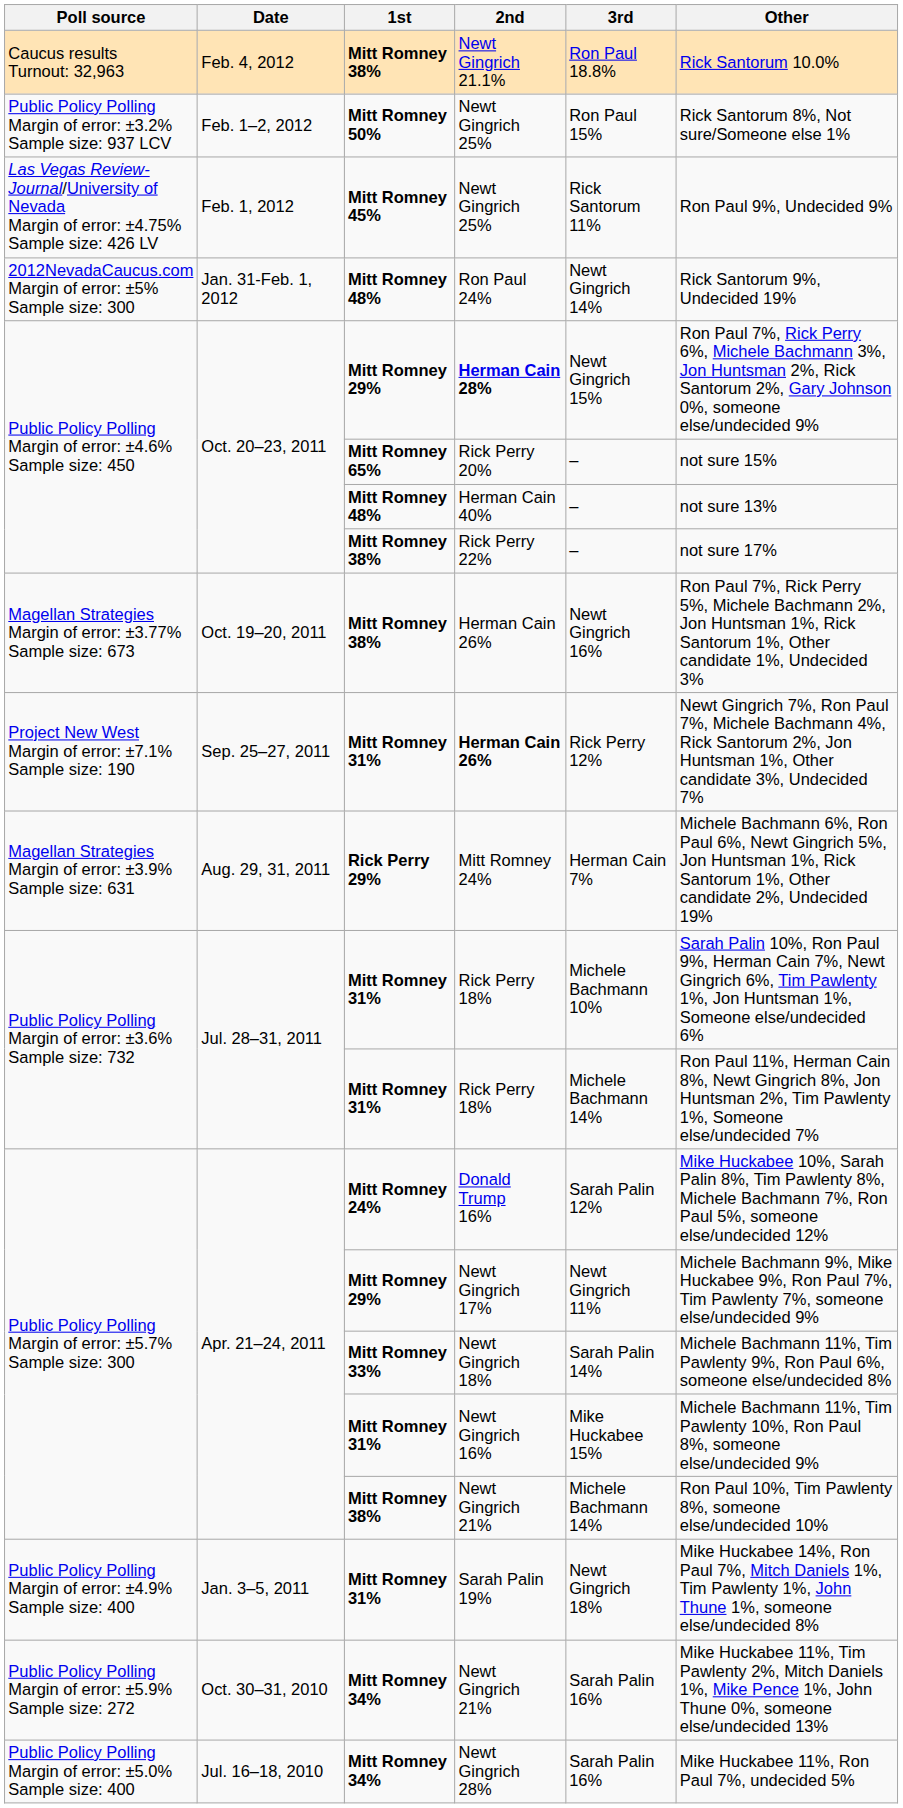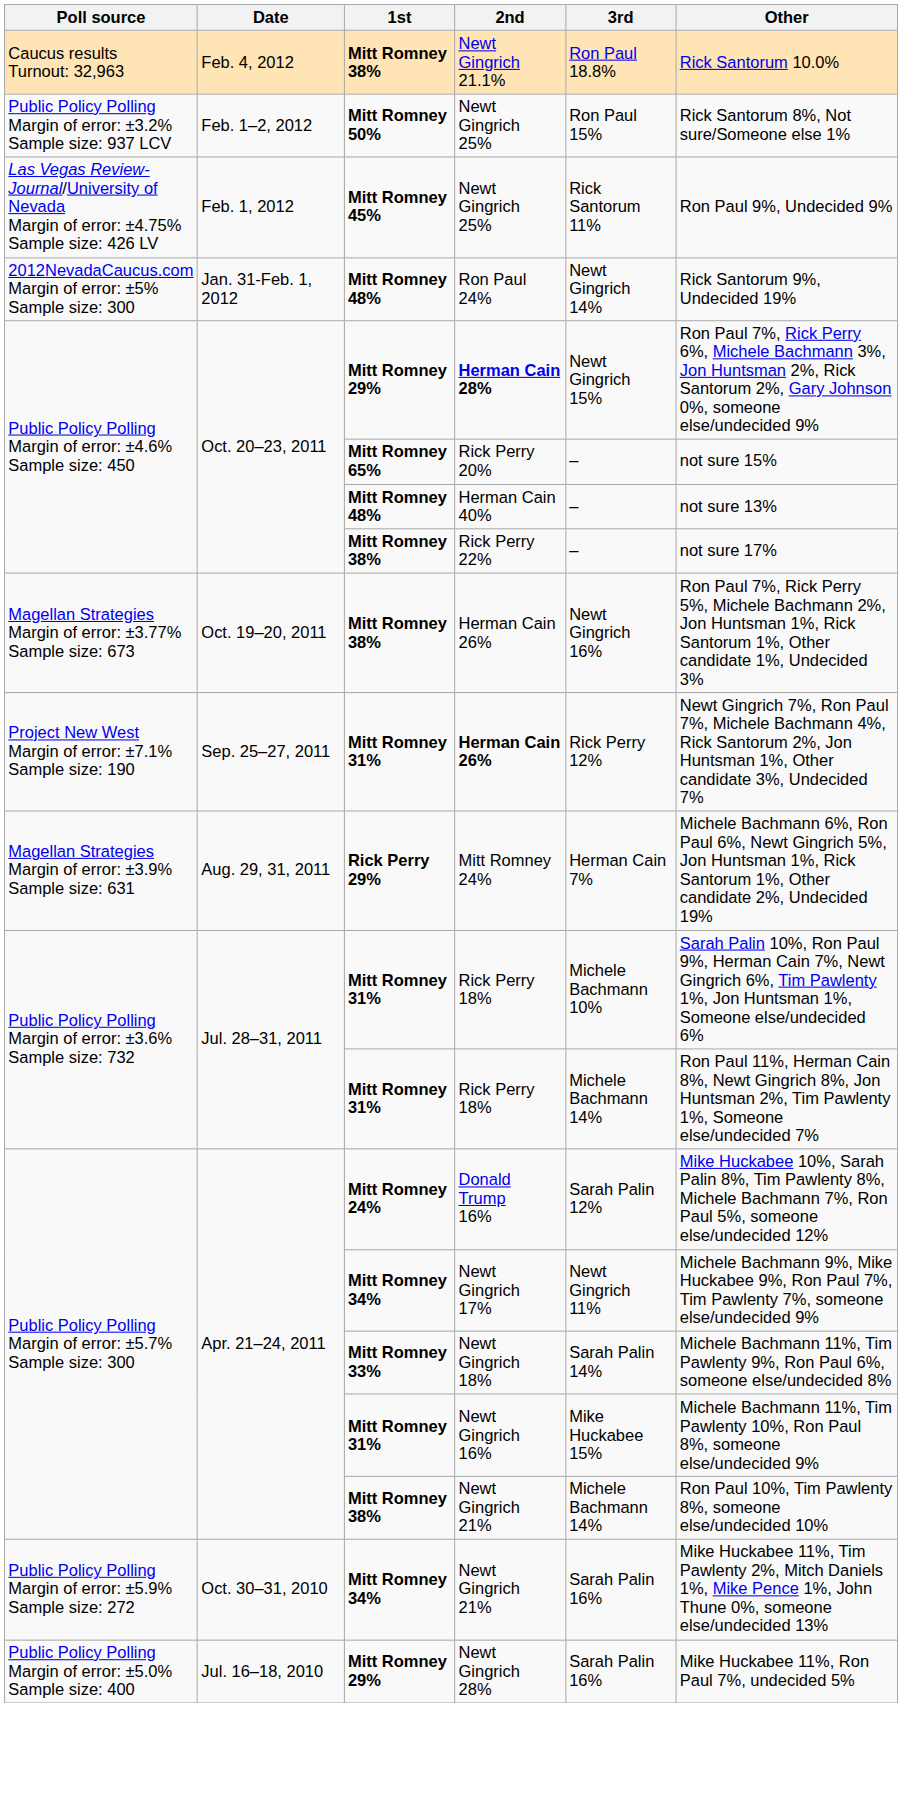 <table class="wikitable">
 <tr>
 <th style="width:180px;">Poll source</th>
 <th style="width:135px;">Date</th>
 <th style="width:100px;">1st</th>
 <th style="width:100px;">2nd</th>
 <th style="width:100px;">3rd</th>
 <th>Other</th>
 </tr>
 <tr style="background:Moccasin;">
 <td>Caucus results<br>Turnout: 32,963</td>
 <td>Feb. 4, 2012</td>
 <td><strong>Mitt Romney<br>38%</strong></td>
 <td><a href='#'>Newt Gingrich</a><br>21.1%</td>
 <td><a href='#'>Ron Paul</a><br>18.8%</td>
 <td><a href='#'>Rick Santorum</a> 10.0%</td>
 </tr>
 <tr>
 <td><a href='#'>Public Policy Polling</a><br>Margin of error: ±3.2% <br>Sample size: 937 LCV</td>
 <td>Feb. 1–2, 2012</td>
 <td><strong>Mitt Romney<br>50%</strong></td>
 <td>Newt Gingrich<br>25%</td>
 <td>Ron Paul<br>15%</td>
 <td>Rick Santorum 8%, Not sure/Someone else 1%</td>
 </tr>
 <tr>
 <td><em><a href='#'>Las Vegas Review-Journal</a></em>/<a href='#'>University of Nevada</a><br>Margin of error: ±4.75% <br>Sample size: 426 LV</td>
 <td>Feb. 1, 2012</td>
 <td><strong>Mitt Romney<br>45%</strong></td>
 <td>Newt Gingrich<br>25%</td>
 <td>Rick Santorum<br>11%</td>
 <td>Ron Paul 9%, Undecided 9%</td>
 </tr>
 <tr>
 <td><a href='#'>2012NevadaCaucus.com</a><br>Margin of error: ±5% <br>Sample size: 300</td>
 <td>Jan. 31-Feb. 1, 2012</td>
 <td><strong>Mitt Romney<br>48%</strong></td>
 <td>Ron Paul<br>24%</td>
 <td>Newt Gingrich<br>14%</td>
 <td>Rick Santorum 9%, Undecided 19%</td>
 </tr>
 <tr>
 <td rowspan=4><a href='#'>Public Policy Polling</a><br>Margin of error: ±4.6% <br>Sample size: 450</td>
 <td rowspan=4>Oct. 20–23, 2011</td>
 <td><strong>Mitt Romney<br>29%</strong></td>
 <td><strong><a href='#'>Herman Cain</a><br>28%</strong></td>
 <td>Newt Gingrich<br>15%</td>
 <td>Ron Paul 7%, <a href='#'>Rick Perry</a> 6%, <a href='#'>Michele Bachmann</a> 3%, <a href='#'>Jon Huntsman</a> 2%, Rick Santorum 2%, <a href='#'>Gary Johnson</a> 0%, someone else/undecided 9%</td>
 </tr>
 <tr>
 <td><strong>Mitt Romney<br>65%</strong></td>
 <td>Rick Perry<br>20%</td>
 <td>–</td>
 <td>not sure 15%</td>
 </tr>
 <tr>
 <td><strong>Mitt Romney<br>48%</strong></td>
 <td>Herman Cain<br>40%</td>
 <td>–</td>
 <td>not sure 13%</td>
 </tr>
 <tr>
 <td><strong>Mitt Romney<br>38%</strong></td>
 <td>Rick Perry<br>22%</td>
 <td>–</td>
 <td>not sure 17%</td>
 </tr>
 <tr>
 <td><a href='#'>Magellan Strategies</a><br>Margin of error: ±3.77% <br>Sample size: 673</td>
 <td>Oct. 19–20, 2011</td>
 <td><strong>Mitt Romney<br>38%</strong></td>
 <td>Herman Cain<br>26%</td>
 <td>Newt Gingrich<br>16%</td>
 <td>Ron Paul 7%, Rick Perry 5%, Michele Bachmann 2%, Jon Huntsman 1%, Rick Santorum 1%, Other candidate 1%, Undecided 3%</td>
 </tr>
 <tr>
 <td><a href='#'>Project New West</a><br>Margin of error: ±7.1% <br>Sample size: 190</td>
 <td>Sep. 25–27, 2011</td>
 <td><strong>Mitt Romney<br>31%</strong></td>
 <td><strong>Herman Cain<br>26%</strong></td>
 <td>Rick Perry<br>12%</td>
 <td>Newt Gingrich 7%, Ron Paul 7%, Michele Bachmann 4%, Rick Santorum 2%, Jon Huntsman 1%, Other candidate 3%, Undecided 7%</td>
 </tr>
 <tr>
 <td><a href='#'>Magellan Strategies</a><br>Margin of error: ±3.9% <br>Sample size: 631</td>
 <td>Aug. 29, 31, 2011</td>
 <td><strong>Rick Perry<br>29%</strong></td>
 <td>Mitt Romney<br>24%</td>
 <td>Herman Cain<br>7%</td>
 <td>Michele Bachmann 6%, Ron Paul 6%, Newt Gingrich 5%, Jon Huntsman 1%, Rick Santorum 1%, Other candidate 2%, Undecided 19%</td>
 </tr>
 <tr>
 <td rowspan=2><a href='#'>Public Policy Polling</a><br>Margin of error: ±3.6% <br>Sample size: 732</td>
 <td rowspan=2>Jul. 28–31, 2011</td>
 <td><strong>Mitt Romney<br>31%</strong></td>
 <td>Rick Perry<br>18%</td>
 <td>Michele Bachmann<br>10%</td>
 <td><a href='#'>Sarah Palin</a> 10%, Ron Paul 9%, Herman Cain 7%, Newt Gingrich 6%, <a href='#'>Tim Pawlenty</a> 1%, Jon Huntsman 1%, Someone else/undecided 6%</td>
 </tr>
 <tr>
 <td><strong>Mitt Romney<br>31%</strong></td>
 <td>Rick Perry<br>18%</td>
 <td>Michele Bachmann<br>14%</td>
 <td>Ron Paul 11%, Herman Cain 8%, Newt Gingrich 8%, Jon Huntsman 2%, Tim Pawlenty 1%, Someone else/undecided 7%</td>
 </tr>
 <tr>
 <td rowspan=5><a href='#'>Public Policy Polling</a><br>Margin of error: ±5.7% <br>Sample size: 300</td>
 <td rowspan=5>Apr. 21–24, 2011</td>
 <td><strong>Mitt Romney<br>24%</strong></td>
 <td><a href='#'>Donald Trump</a><br>16%</td>
 <td>Sarah Palin<br>12%</td>
 <td><a href='#'>Mike Huckabee</a> 10%, Sarah Palin 8%, Tim Pawlenty 8%, Michele Bachmann 7%, Ron Paul 5%, someone else/undecided 12%</td>
 </tr>
 <tr>
-<td><strong>Mitt Romney<br>29%</strong></td>
+<td><strong>Mitt Romney<br>34%</strong></td>
 <td>Newt Gingrich<br>17%</td>
 <td>Newt Gingrich<br>11%</td>
 <td>Michele Bachmann 9%, Mike Huckabee 9%, Ron Paul 7%, Tim Pawlenty 7%, someone else/undecided 9%</td>
 </tr>
 <tr>
 <td><strong>Mitt Romney<br>33%</strong></td>
 <td>Newt Gingrich<br>18%</td>
 <td>Sarah Palin<br>14%</td>
 <td>Michele Bachmann 11%, Tim Pawlenty 9%, Ron Paul 6%, someone else/undecided 8%</td>
 </tr>
 <tr>
 <td><strong>Mitt Romney<br>31%</strong></td>
 <td>Newt Gingrich<br>16%</td>
 <td>Mike Huckabee<br>15%</td>
 <td>Michele Bachmann 11%, Tim Pawlenty 10%, Ron Paul 8%, someone else/undecided 9%</td>
 </tr>
 <tr>
 <td><strong>Mitt Romney<br>38%</strong></td>
 <td>Newt Gingrich<br>21%</td>
 <td>Michele Bachmann<br>14%</td>
 <td>Ron Paul 10%, Tim Pawlenty 8%, someone else/undecided 10%</td>
 </tr>
 <tr>
-<td><a href='#'>Public Policy Polling</a><br>Margin of error: ±4.9% <br>Sample size: 400</td>
-<td>Jan. 3–5, 2011</td>
-<td><strong>Mitt Romney<br>31%</strong></td>
-<td>Sarah Palin<br>19%</td>
-<td>Newt Gingrich<br>18%</td>
-<td>Mike Huckabee 14%, Ron Paul 7%, <a href='#'>Mitch Daniels</a> 1%, Tim Pawlenty 1%, <a href='#'>John Thune</a> 1%, someone else/undecided 8%</td>
-</tr>
-<tr>
 <td><a href='#'>Public Policy Polling</a><br>Margin of error: ±5.9% <br>Sample size: 272</td>
 <td>Oct. 30–31, 2010</td>
 <td><strong>Mitt Romney<br>34%</strong></td>
 <td>Newt Gingrich<br>21%</td>
 <td>Sarah Palin<br>16%</td>
 <td>Mike Huckabee 11%, Tim Pawlenty 2%, Mitch Daniels 1%, <a href='#'>Mike Pence</a> 1%, John Thune 0%, someone else/undecided 13%</td>
 </tr>
 <tr>
 <td><a href='#'>Public Policy Polling</a><br>Margin of error: ±5.0% <br>Sample size: 400</td>
 <td>Jul. 16–18, 2010</td>
-<td><strong>Mitt Romney<br>34%</strong></td>
+<td><strong>Mitt Romney<br>29%</strong></td>
 <td>Newt Gingrich<br>28%</td>
 <td>Sarah Palin<br>16%</td>
 <td>Mike Huckabee 11%, Ron Paul 7%, undecided 5%</td>
 </tr>
 </table>
